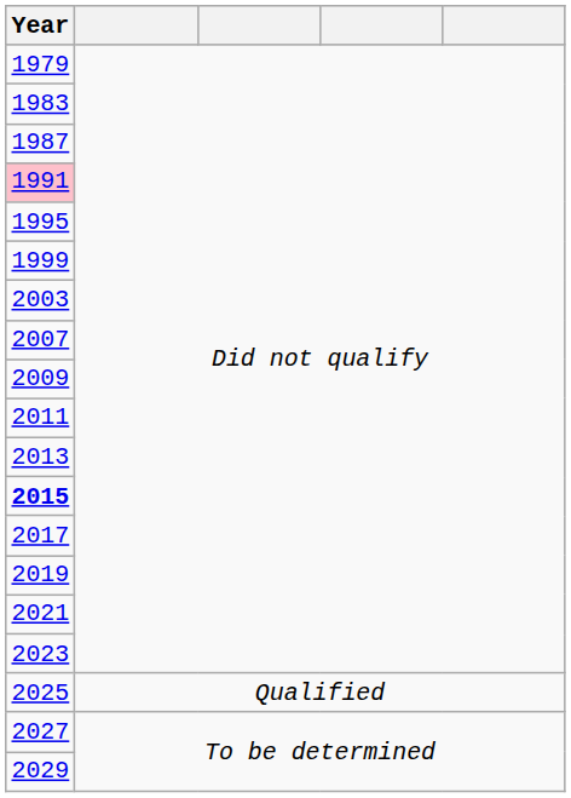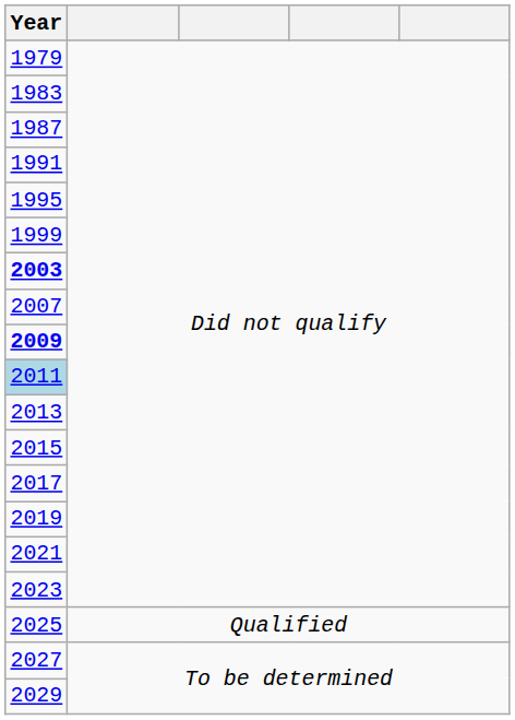 <table class="wikitable" style="text-align: center;">
 <tr>
 <th>Year</th>
 <th width=60></th>
 <th width=60></th>
 <th width=60></th>
 <th width=60></th>
 </tr>
 <tr>
 <td> <a href='#'>1979</a></td>
 <td colspan=4 rowspan=16><em>Did not qualify</em></td>
 </tr>
 <tr>
 <td> <a href='#'>1983</a></td>
 </tr>
 <tr>
 <td> <a href='#'>1987</a></td>
 </tr>
 <tr>
-<td style="background: pink;"> <a href='#'>1991</a></td>
+<td> <a href='#'>1991</a></td>
 </tr>
 <tr>
 <td> <a href='#'>1995</a></td>
 </tr>
 <tr>
 <td> <a href='#'>1999</a></td>
 </tr>
 <tr>
-<td> <a href='#'>2003</a></td>
+<td><strong> <a href='#'>2003</a></strong></td>
 </tr>
 <tr>
 <td> <a href='#'>2007</a></td>
 </tr>
 <tr>
-<td> <a href='#'>2009</a></td>
+<td><strong> <a href='#'>2009</a></strong></td>
 </tr>
 <tr>
-<td> <a href='#'>2011</a></td>
+<td style="background: lightblue;"> <a href='#'>2011</a></td>
 </tr>
 <tr>
 <td> <a href='#'>2013</a></td>
 </tr>
 <tr>
-<td><strong> <a href='#'>2015</a></strong></td>
+<td> <a href='#'>2015</a></td>
 </tr>
 <tr>
 <td> <a href='#'>2017</a></td>
 </tr>
 <tr>
 <td> <a href='#'>2019</a></td>
 </tr>
 <tr>
 <td> <a href='#'>2021</a></td>
 </tr>
 <tr>
 <td> <a href='#'>2023</a></td>
 </tr>
 <tr>
 <td> <a href='#'>2025</a></td>
 <td colspan=4><em>Qualified</em></td>
 </tr>
 <tr>
 <td> <a href='#'>2027</a></td>
 <td colspan=4 rowspan=2><em>To be determined</em></td>
 </tr>
 <tr>
 <td> <a href='#'>2029</a></td>
 </tr>
 </table>
